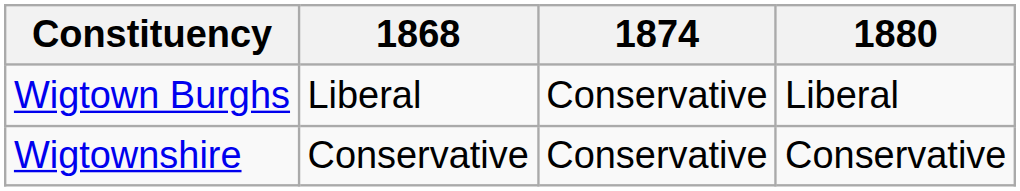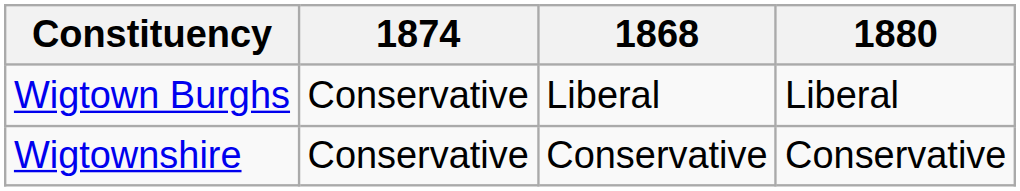 <table class="wikitable">
 <tr>
 <th>Constituency</th>
+<th>1874</th>
 <th>1868</th>
-<th>1874</th>
 <th>1880</th>
 </tr>
 <tr>
 <td><a href='#'>Wigtown Burghs</a></td>
+<td>Conservative</td>
 <td>Liberal</td>
-<td>Conservative</td>
 <td>Liberal</td>
 </tr>
 <tr>
 <td><a href='#'>Wigtownshire</a></td>
 <td>Conservative</td>
 <td>Conservative</td>
 <td>Conservative</td>
 </tr>
 </table>
